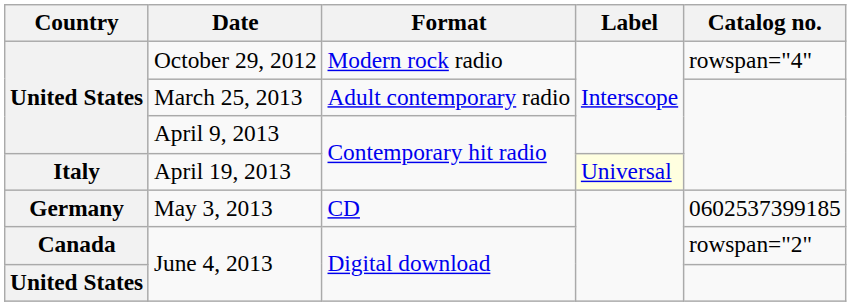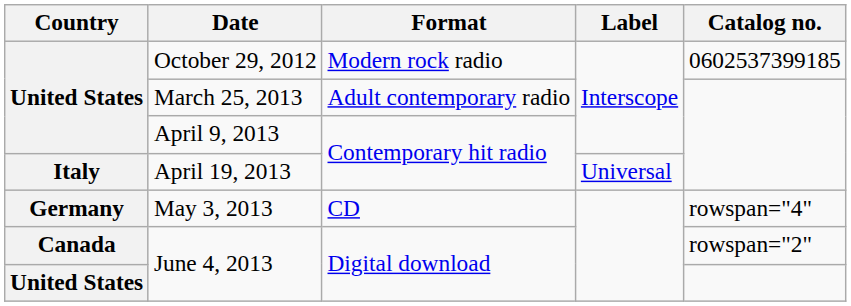 <table class="wikitable plainrowheaders">
 <tr>
 <th scope="col">Country</th>
 <th scope="col">Date</th>
 <th scope="col">Format</th>
 <th scope="col">Label</th>
 <th scope="col">Catalog no.</th>
 </tr>
 <tr>
 <th scope="row" rowspan="3">United States</th>
 <td>October 29, 2012</td>
 <td><a href='#'>Modern rock</a> radio</td>
 <td rowspan="3"><a href='#'>Interscope</a></td>
-<td>rowspan="4" </td>
+<td>0602537399185</td>
 </tr>
 <tr>
 <td>March 25, 2013</td>
 <td><a href='#'>Adult contemporary</a> radio</td>
 </tr>
 <tr>
 <td>April 9, 2013</td>
 <td rowspan="2"><a href='#'>Contemporary hit radio</a></td>
 </tr>
 <tr>
 <th scope="row">Italy</th>
 <td>April 19, 2013</td>
-<td style="background: lightyellow;"><a href='#'>Universal</a></td>
+<td><a href='#'>Universal</a></td>
 </tr>
 <tr>
 <th scope="row">Germany</th>
 <td>May 3, 2013</td>
 <td><a href='#'>CD</a></td>
 <td rowspan="3"></td>
-<td>0602537399185</td>
+<td>rowspan="4" </td>
 </tr>
 <tr>
 <th scope="row">Canada</th>
 <td rowspan="2">June 4, 2013</td>
 <td rowspan="2"><a href='#'>Digital download</a><br></td>
 <td>rowspan="2" </td>
 </tr>
 <tr>
 <th scope="row">United States</th>
 </tr>
 </table>
